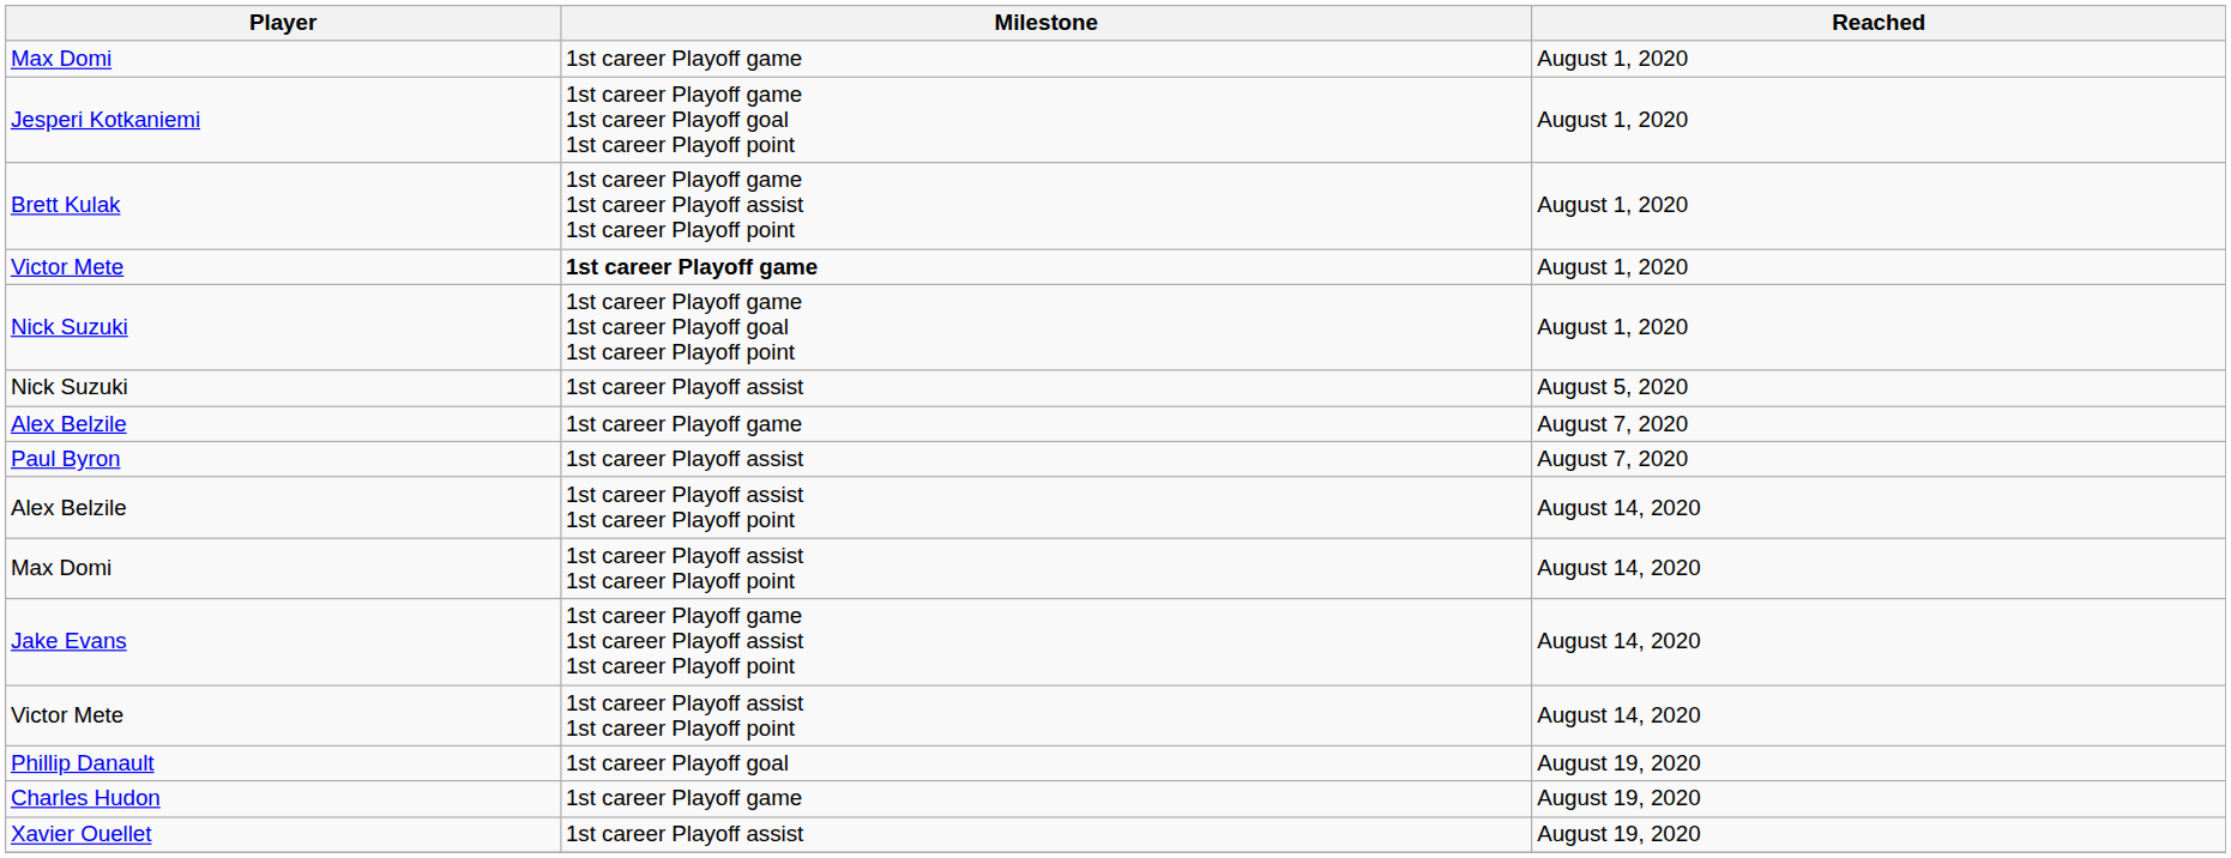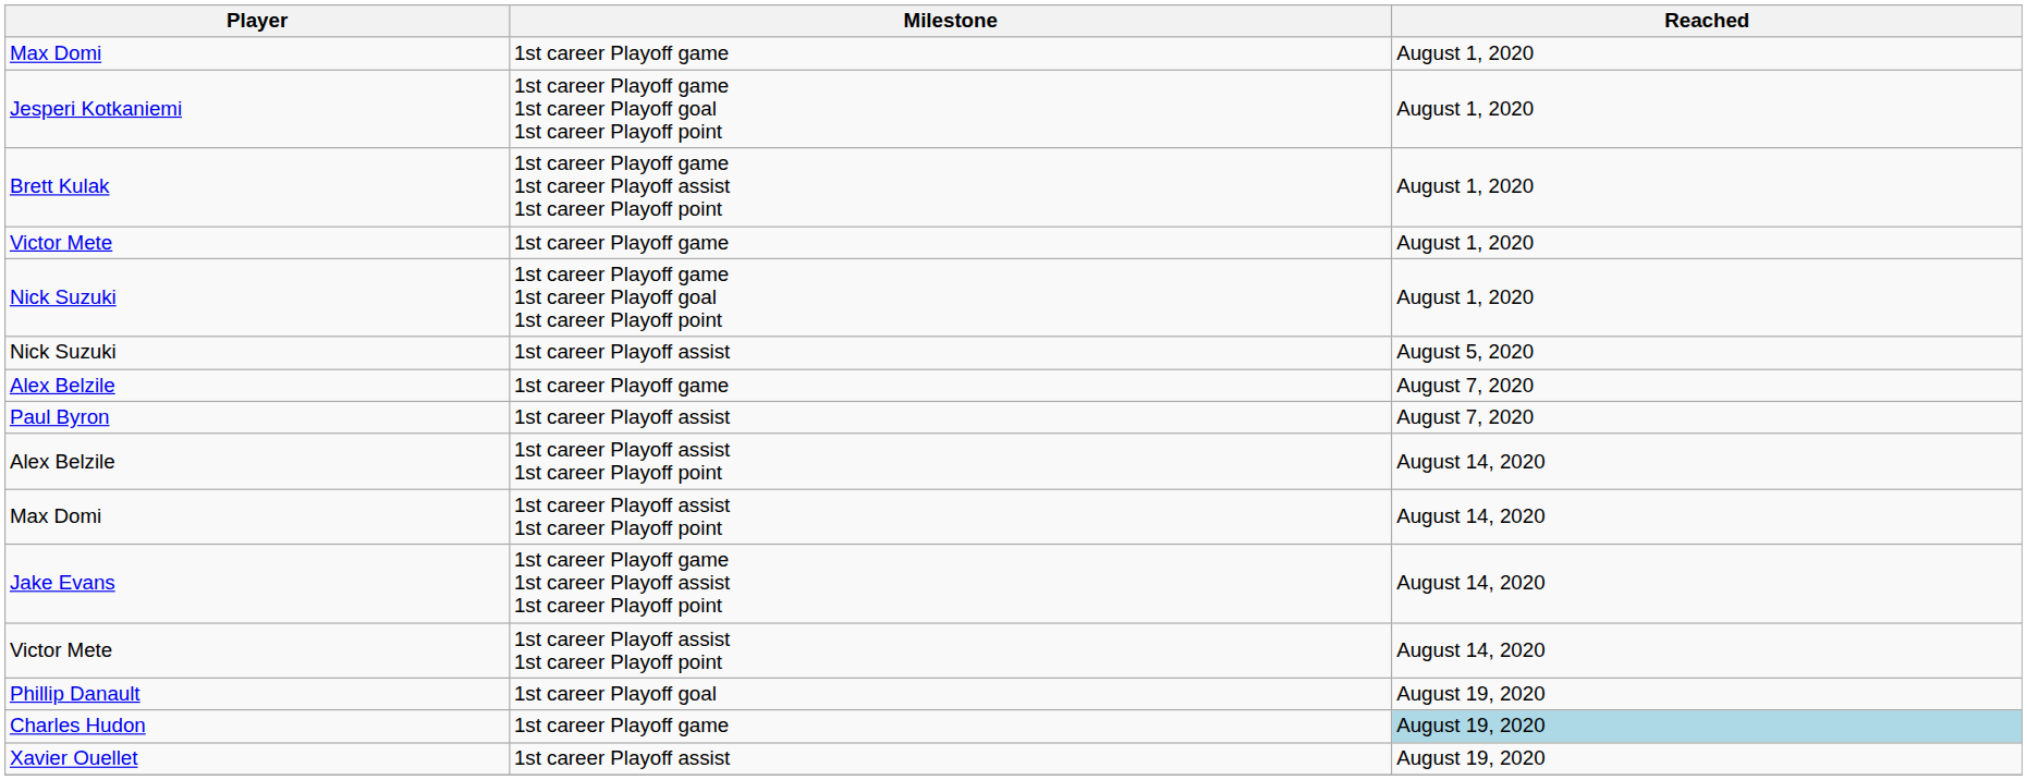 <table class="wikitable sortable" style="width:100%;">
 <tr align=center>
 <th style="width:20%;">Player</th>
 <th style="width:35%;">Milestone</th>
 <th style="width:25%;" data-sort-type="date">Reached</th>
 </tr>
 <tr>
 <td><a href='#'>Max Domi</a></td>
 <td>1st career Playoff game</td>
 <td>August 1, 2020</td>
 </tr>
 <tr>
 <td><a href='#'>Jesperi Kotkaniemi</a></td>
 <td>1st career Playoff game<br>1st career Playoff goal<br>1st career Playoff point</td>
 <td>August 1, 2020</td>
 </tr>
 <tr>
 <td><a href='#'>Brett Kulak</a></td>
 <td>1st career Playoff game<br>1st career Playoff assist<br>1st career Playoff point</td>
 <td>August 1, 2020</td>
 </tr>
 <tr>
 <td><a href='#'>Victor Mete</a></td>
-<td><strong>1st career Playoff game</strong></td>
+<td>1st career Playoff game</td>
 <td>August 1, 2020</td>
 </tr>
 <tr>
 <td><a href='#'>Nick Suzuki</a></td>
 <td>1st career Playoff game<br>1st career Playoff goal<br>1st career Playoff point</td>
 <td>August 1, 2020</td>
 </tr>
 <tr>
 <td>Nick Suzuki</td>
 <td>1st career Playoff assist</td>
 <td>August 5, 2020</td>
 </tr>
 <tr>
 <td><a href='#'>Alex Belzile</a></td>
 <td>1st career Playoff game</td>
 <td>August 7, 2020</td>
 </tr>
 <tr>
 <td><a href='#'>Paul Byron</a></td>
 <td>1st career Playoff assist</td>
 <td>August 7, 2020</td>
 </tr>
 <tr>
 <td>Alex Belzile</td>
 <td>1st career Playoff assist<br>1st career Playoff point</td>
 <td>August 14, 2020</td>
 </tr>
 <tr>
 <td>Max Domi</td>
 <td>1st career Playoff assist<br>1st career Playoff point</td>
 <td>August 14, 2020</td>
 </tr>
 <tr>
 <td><a href='#'>Jake Evans</a></td>
 <td>1st career Playoff game<br>1st career Playoff assist<br>1st career Playoff point</td>
 <td>August 14, 2020</td>
 </tr>
 <tr>
 <td>Victor Mete</td>
 <td>1st career Playoff assist<br>1st career Playoff point</td>
 <td>August 14, 2020</td>
 </tr>
 <tr>
 <td><a href='#'>Phillip Danault</a></td>
 <td>1st career Playoff goal</td>
 <td>August 19, 2020</td>
 </tr>
 <tr>
 <td><a href='#'>Charles Hudon</a></td>
 <td>1st career Playoff game</td>
-<td>August 19, 2020</td>
+<td style="background: lightblue;">August 19, 2020</td>
 </tr>
 <tr>
 <td><a href='#'>Xavier Ouellet</a></td>
 <td>1st career Playoff assist</td>
 <td>August 19, 2020</td>
 </tr>
 <tr>
 </tr>
 </table>
